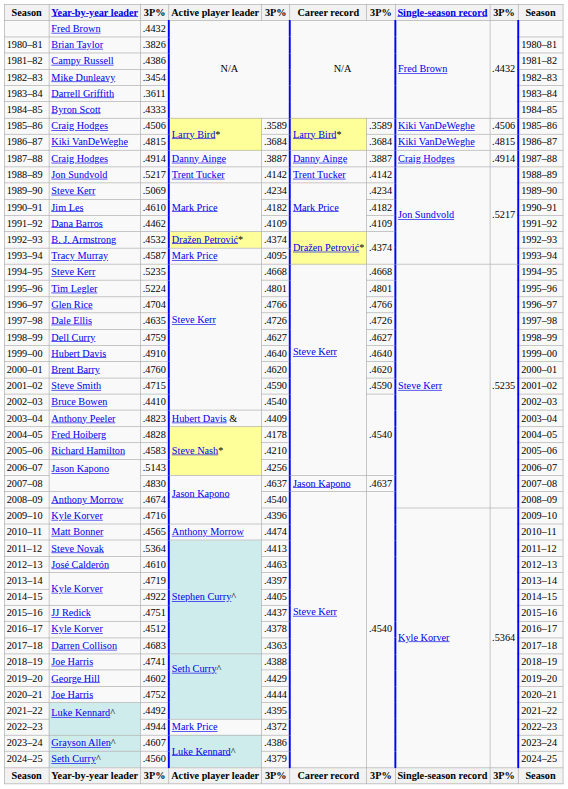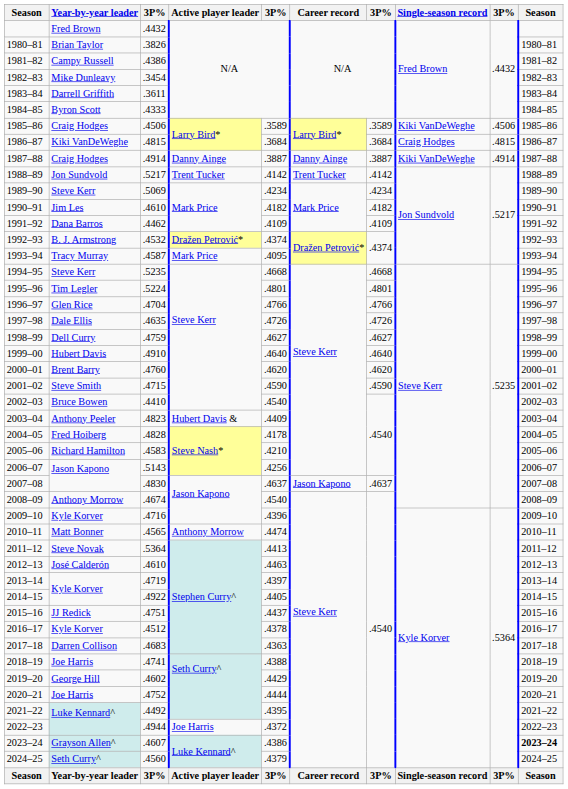 <table class="wikitable">
 <tr>
 <th width=8%>Season</th>
 <th><a href='#'>Year-by-year leader</a></th>
 <th>3P%</th>
 <th>Active player leader</th>
 <th>3P%</th>
 <th>Career record</th>
 <th>3P%</th>
 <th><a href='#'>Single-season record</a></th>
 <th>3P%</th>
 <th width=8%>Season</th>
 </tr>
 <tr>
 <td></td>
 <td><a href='#'>Fred Brown</a></td>
 <td style="text-align:center; border-right: solid blue">.4432</td>
 <td style="text-align:center; border-right: solid blue" rowspan=6 colspan=2>N/A</td>
 <td style="text-align:center; border-right: solid blue" rowspan=6 colspan=2>N/A</td>
 <td rowspan=6><a href='#'>Fred Brown</a></td>
 <td rowspan=6 align=center style="border-right: solid blue">.4432</td>
 <td></td>
 </tr>
 <tr>
 <td>1980–81</td>
 <td><a href='#'>Brian Taylor</a></td>
 <td style="text-align:center; border-right: solid blue">.3826</td>
 <td>1980–81</td>
 </tr>
 <tr>
 <td>1981–82</td>
 <td><a href='#'>Campy Russell</a></td>
 <td align=center style="border-right: solid blue">.4386</td>
 <td>1981–82</td>
 </tr>
 <tr>
 <td>1982–83</td>
 <td><a href='#'>Mike Dunleavy</a></td>
 <td align=center style="border-right: solid blue">.3454</td>
 <td>1982–83</td>
 </tr>
 <tr>
 <td>1983–84</td>
 <td><a href='#'>Darrell Griffith</a></td>
 <td align=center style="border-right: solid blue">.3611</td>
 <td>1983–84</td>
 </tr>
 <tr>
 <td>1984–85</td>
 <td><a href='#'>Byron Scott</a></td>
 <td align=center style="border-right: solid blue">.4333</td>
 <td>1984–85</td>
 </tr>
 <tr>
 <td>1985–86</td>
 <td><a href='#'>Craig Hodges</a></td>
 <td align=center style="border-right: solid blue">.4506</td>
 <td rowspan=2 bgcolor="#FFFF99"><a href='#'>Larry Bird</a>*</td>
 <td align=center style="border-right: solid blue">.3589</td>
 <td rowspan=2 bgcolor="#FFFF99"><a href='#'>Larry Bird</a>*</td>
 <td align=center style="border-right: solid blue">.3589</td>
 <td><a href='#'>Kiki VanDeWeghe</a></td>
 <td align=center style="border-right: solid blue">.4506</td>
 <td>1985–86</td>
 </tr>
 <tr>
 <td>1986–87</td>
 <td><a href='#'>Kiki VanDeWeghe</a></td>
 <td align=center style="border-right: solid blue">.4815</td>
 <td align=center style="border-right: solid blue">.3684</td>
 <td align=center style="border-right: solid blue">.3684</td>
-<td><a href='#'>Kiki VanDeWeghe</a></td>
+<td><a href='#'>Craig Hodges</a></td>
 <td align=center style="border-right: solid blue">.4815</td>
 <td>1986–87</td>
 </tr>
 <tr>
 <td>1987–88</td>
 <td><a href='#'>Craig Hodges</a></td>
 <td align=center style="border-right: solid blue">.4914</td>
 <td><a href='#'>Danny Ainge</a></td>
 <td align=center style="border-right: solid blue">.3887</td>
 <td><a href='#'>Danny Ainge</a></td>
 <td align=center style="border-right: solid blue">.3887</td>
-<td><a href='#'>Craig Hodges</a></td>
+<td><a href='#'>Kiki VanDeWeghe</a></td>
 <td align=center style="border-right: solid blue">.4914</td>
 <td>1987–88</td>
 </tr>
 <tr>
 <td>1988–89</td>
 <td><a href='#'>Jon Sundvold</a></td>
 <td align=center style="border-right: solid blue">.5217</td>
 <td><a href='#'>Trent Tucker</a></td>
 <td align=center style="border-right: solid blue">.4142</td>
 <td><a href='#'>Trent Tucker</a></td>
 <td align=center style="border-right: solid blue">.4142</td>
 <td rowspan=6><a href='#'>Jon Sundvold</a></td>
 <td rowspan=6 align=center style="border-right: solid blue">.5217</td>
 <td>1988–89</td>
 </tr>
 <tr>
 <td>1989–90</td>
 <td><a href='#'>Steve Kerr</a></td>
 <td align=center style="border-right: solid blue">.5069</td>
 <td rowspan=3><a href='#'>Mark Price</a></td>
 <td align=center style="border-right: solid blue">.4234</td>
 <td rowspan=3><a href='#'>Mark Price</a></td>
 <td align=center style="border-right: solid blue">.4234</td>
 <td>1989–90</td>
 </tr>
 <tr>
 <td>1990–91</td>
 <td><a href='#'>Jim Les</a></td>
 <td align=center style="border-right: solid blue">.4610</td>
 <td align=center style="border-right: solid blue">.4182</td>
 <td align=center style="border-right: solid blue">.4182</td>
 <td>1990–91</td>
 </tr>
 <tr>
 <td>1991–92</td>
 <td><a href='#'>Dana Barros</a></td>
 <td align=center style="border-right: solid blue">.4462</td>
 <td align=center style="border-right: solid blue">.4109</td>
 <td align=center style="border-right: solid blue">.4109</td>
 <td>1991–92</td>
 </tr>
 <tr>
 <td>1992–93</td>
 <td><a href='#'>B. J. Armstrong</a></td>
 <td align=center style="border-right: solid blue">.4532</td>
 <td bgcolor="#FFFF99"><a href='#'>Dražen Petrović</a>*</td>
 <td align=center style="border-right: solid blue">.4374</td>
 <td rowspan=2 bgcolor="#FFFF99"><a href='#'>Dražen Petrović</a>*</td>
 <td rowspan=2 align=center style="border-right: solid blue">.4374</td>
 <td>1992–93</td>
 </tr>
 <tr>
 <td>1993–94</td>
 <td><a href='#'>Tracy Murray</a></td>
 <td align=center style="border-right: solid blue">.4587</td>
 <td><a href='#'>Mark Price</a></td>
 <td align=center style="border-right: solid blue">.4095</td>
 <td>1993–94</td>
 </tr>
 <tr>
 <td>1994–95</td>
 <td><a href='#'>Steve Kerr</a></td>
 <td align=center style="border-right: solid blue">.5235</td>
 <td rowspan=9><a href='#'>Steve Kerr</a><br><br><br><br></td>
 <td align=center style="border-right: solid blue">.4668</td>
 <td rowspan=13><a href='#'>Steve Kerr</a><br><br><br><br></td>
 <td align=center style="border-right: solid blue">.4668</td>
 <td rowspan=15><a href='#'>Steve Kerr</a></td>
 <td rowspan=15 align=center style="border-right: solid blue">.5235</td>
 <td>1994–95</td>
 </tr>
 <tr>
 <td>1995–96</td>
 <td><a href='#'>Tim Legler</a></td>
 <td align=center style="border-right: solid blue">.5224</td>
 <td align=center style="border-right: solid blue">.4801</td>
 <td align=center style="border-right: solid blue">.4801</td>
 <td>1995–96</td>
 </tr>
 <tr>
 <td>1996–97</td>
 <td><a href='#'>Glen Rice</a></td>
 <td align=center style="border-right: solid blue">.4704</td>
 <td align=center style="border-right: solid blue">.4766</td>
 <td align=center style="border-right: solid blue">.4766</td>
 <td>1996–97</td>
 </tr>
 <tr>
 <td>1997–98</td>
 <td><a href='#'>Dale Ellis</a></td>
 <td align=center style="border-right: solid blue">.4635</td>
 <td align=center style="border-right: solid blue">.4726</td>
 <td align=center style="border-right: solid blue">.4726</td>
 <td>1997–98</td>
 </tr>
 <tr>
 <td>1998–99</td>
 <td><a href='#'>Dell Curry</a></td>
 <td align=center style="border-right: solid blue">.4759</td>
 <td align=center style="border-right: solid blue">.4627</td>
 <td align=center style="border-right: solid blue">.4627</td>
 <td>1998–99</td>
 </tr>
 <tr>
 <td>1999–00</td>
 <td><a href='#'>Hubert Davis</a></td>
 <td align=center style="border-right: solid blue">.4910</td>
 <td align=center style="border-right: solid blue">.4640</td>
 <td align=center style="border-right: solid blue">.4640</td>
 <td>1999–00</td>
 </tr>
 <tr>
 <td>2000–01</td>
 <td><a href='#'>Brent Barry</a></td>
 <td align=center style="border-right: solid blue">.4760</td>
 <td align=center style="border-right: solid blue">.4620</td>
 <td align=center style="border-right: solid blue">.4620</td>
 <td>2000–01</td>
 </tr>
 <tr>
 <td>2001–02</td>
 <td><a href='#'>Steve Smith</a></td>
 <td align=center style="border-right: solid blue">.4715</td>
 <td align=center style="border-right: solid blue">.4590</td>
 <td align=center style="border-right: solid blue">.4590</td>
 <td>2001–02</td>
 </tr>
 <tr>
 <td>2002–03</td>
 <td><a href='#'>Bruce Bowen</a></td>
 <td align=center style="border-right: solid blue">.4410</td>
 <td align=center style="border-right: solid blue">.4540</td>
 <td rowspan=5 align=center style="border-right: solid blue">.4540</td>
 <td>2002–03</td>
 </tr>
 <tr>
 <td>2003–04</td>
 <td><a href='#'>Anthony Peeler</a></td>
 <td align=center style="border-right: solid blue">.4823</td>
 <td><a href='#'>Hubert Davis</a> & </td>
 <td align=center style="border-right: solid blue">.4409</td>
 <td>2003–04</td>
 </tr>
 <tr>
 <td>2004–05</td>
 <td><a href='#'>Fred Hoiberg</a></td>
 <td align=center style="border-right: solid blue">.4828</td>
 <td rowspan=3 bgcolor="#FFFF99"><a href='#'>Steve Nash</a>*</td>
 <td align=center style="border-right: solid blue">.4178</td>
 <td>2004–05</td>
 </tr>
 <tr>
 <td>2005–06</td>
 <td><a href='#'>Richard Hamilton</a></td>
 <td align=center style="border-right: solid blue">.4583</td>
 <td align=center style="border-right: solid blue">.4210</td>
 <td>2005–06</td>
 </tr>
 <tr>
 <td>2006–07</td>
 <td rowspan=2><a href='#'>Jason Kapono</a><br><br></td>
 <td align=center style="border-right: solid blue">.5143</td>
 <td align=center style="border-right: solid blue">.4256</td>
 <td>2006–07</td>
 </tr>
 <tr>
 <td>2007–08</td>
 <td align=center style="border-right: solid blue">.4830</td>
 <td rowspan=3><a href='#'>Jason Kapono</a><br><br></td>
 <td align=center style="border-right: solid blue">.4637</td>
 <td><a href='#'>Jason Kapono</a></td>
 <td align=center style="border-right: solid blue">.4637</td>
 <td>2007–08</td>
 </tr>
 <tr>
 <td>2008–09</td>
 <td><a href='#'>Anthony Morrow</a></td>
 <td align=center style="border-right: solid blue">.4674</td>
 <td align=center style="border-right: solid blue">.4540</td>
 <td rowspan=17><a href='#'>Steve Kerr</a><br><br><br><br></td>
 <td rowspan=17 align=center style="border-right: solid blue">.4540</td>
 <td>2008–09</td>
 </tr>
 <tr>
 <td>2009–10</td>
 <td><a href='#'>Kyle Korver</a></td>
 <td align=center style="border-right: solid blue">.4716</td>
 <td align=center style="border-right: solid blue">.4396</td>
 <td rowspan=16><a href='#'>Kyle Korver</a></td>
 <td rowspan=16 align=center style="border-right: solid blue">.5364</td>
 <td>2009–10</td>
 </tr>
 <tr>
 <td>2010–11</td>
 <td><a href='#'>Matt Bonner</a></td>
 <td align=center style="border-right: solid blue">.4565</td>
 <td><a href='#'>Anthony Morrow</a></td>
 <td align=center style="border-right: solid blue">.4474</td>
 <td>2010–11</td>
 </tr>
 <tr>
 <td>2011–12</td>
 <td><a href='#'>Steve Novak</a></td>
 <td align=center style="border-right: solid blue">.5364</td>
 <td rowspan=7 bgcolor="#CFECEC"><a href='#'>Stephen Curry</a>^</td>
 <td align=center style="border-right: solid blue">.4413</td>
 <td>2011–12</td>
 </tr>
 <tr>
 <td>2012–13</td>
 <td><a href='#'>José Calderón</a></td>
 <td align=center style="border-right: solid blue">.4610</td>
 <td align=center style="border-right: solid blue">.4463</td>
 <td>2012–13</td>
 </tr>
 <tr>
 <td>2013–14</td>
 <td rowspan=2><a href='#'>Kyle Korver</a></td>
 <td align=center style="border-right: solid blue">.4719</td>
 <td align=center style="border-right: solid blue">.4397</td>
 <td>2013–14</td>
 </tr>
 <tr>
 <td>2014–15</td>
 <td align=center style="border-right: solid blue">.4922</td>
 <td align=center style="border-right: solid blue">.4405</td>
 <td>2014–15</td>
 </tr>
 <tr>
 <td>2015–16</td>
 <td><a href='#'>JJ Redick</a></td>
 <td align=center style="border-right: solid blue">.4751</td>
 <td align=center style="border-right: solid blue">.4437</td>
 <td>2015–16</td>
 </tr>
 <tr>
 <td>2016–17</td>
 <td><a href='#'>Kyle Korver</a></td>
 <td align=center style="border-right: solid blue">.4512</td>
 <td align="center" style="border-right: solid blue">.4378</td>
 <td>2016–17</td>
 </tr>
 <tr>
 <td>2017–18</td>
 <td><a href='#'>Darren Collison</a></td>
 <td align=center style="border-right: solid blue">.4683</td>
 <td align="center" style="border-right: solid blue">.4363</td>
 <td>2017–18</td>
 </tr>
 <tr>
 <td>2018–19</td>
 <td><a href='#'>Joe Harris</a></td>
 <td align=center style="border-right: solid blue">.4741</td>
 <td rowspan=4 bgcolor="#CFECEC"><a href='#'>Seth Curry</a>^<br><br><br><br></td>
 <td align=center style="border-right: solid blue">.4388</td>
 <td>2018–19</td>
 </tr>
 <tr>
 <td>2019–20</td>
 <td><a href='#'>George Hill</a></td>
 <td align=center style="border-right: solid blue">.4602</td>
 <td align=center style="border-right: solid blue">.4429</td>
 <td>2019–20</td>
 </tr>
 <tr>
 <td>2020–21</td>
 <td><a href='#'>Joe Harris</a></td>
 <td align=center style="border-right: solid blue">.4752</td>
 <td align="center" style="border-right: solid blue">.4444</td>
 <td>2020–21</td>
 </tr>
 <tr>
 <td>2021–22</td>
 <td rowspan=2 bgcolor="#CFECEC"><a href='#'>Luke Kennard</a>^<br><br></td>
 <td align=center style="border-right: solid blue">.4492</td>
 <td align="center" style="border-right: solid blue">.4395</td>
 <td>2021–22</td>
 </tr>
 <tr>
 <td>2022–23</td>
 <td align=center style="border-right: solid blue">.4944</td>
-<td><a href='#'>Mark Price</a></td>
+<td><a href='#'>Joe Harris</a></td>
 <td align=center style="border-right: solid blue">.4372</td>
 <td>2022–23</td>
 </tr>
 <tr>
 <td>2023–24</td>
 <td bgcolor="#CFECEC"><a href='#'>Grayson Allen</a>^</td>
 <td align="center" style="border-right: solid blue">.4607</td>
 <td bgcolor="#CFECEC" rowspan=2><a href='#'>Luke Kennard</a>^</td>
 <td align="center" style="border-right: solid blue">.4386</td>
-<td>2023–24</td>
+<td><strong>2023–24</strong></td>
 </tr>
 <tr>
 <td>2024–25</td>
 <td bgcolor="#CFECEC"><a href='#'>Seth Curry</a>^</td>
 <td align="center" style="border-right: solid blue">.4560</td>
 <td align="center" style="border-right: solid blue">.4379</td>
 <td>2024–25</td>
 </tr>
 <tr>
 <th>Season</th>
 <th>Year-by-year leader</th>
 <th>3P%</th>
 <th>Active player leader</th>
 <th>3P%</th>
 <th>Career record</th>
 <th>3P%</th>
 <th>Single-season record</th>
 <th>3P%</th>
 <th>Season</th>
 </tr>
 </table>
